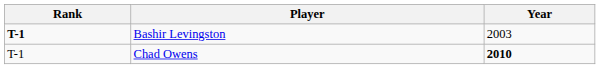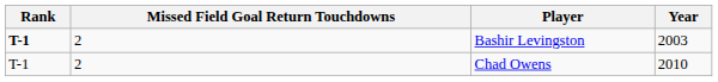 <table class="wikitable" style="width:60%;">
 <tr>
 <th>Rank</th>
+<th>Missed Field Goal Return Touchdowns</th>
 <th>Player</th>
 <th>Year</th>
 </tr>
 <tr>
 <td><strong>T-1</strong></td>
+<td>2</td>
 <td><a href='#'>Bashir Levingston</a></td>
 <td>2003</td>
 </tr>
 <tr>
 <td>T-1</td>
+<td>2</td>
 <td><a href='#'>Chad Owens</a></td>
-<td><strong>2010</strong></td>
+<td>2010</td>
 </tr>
 </table>
